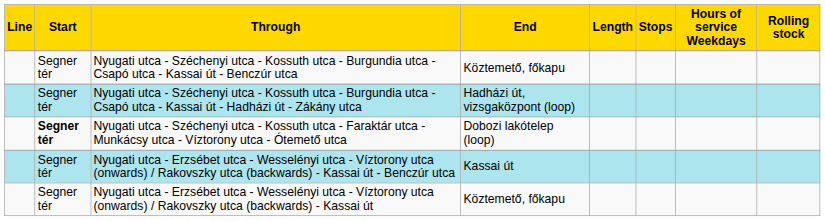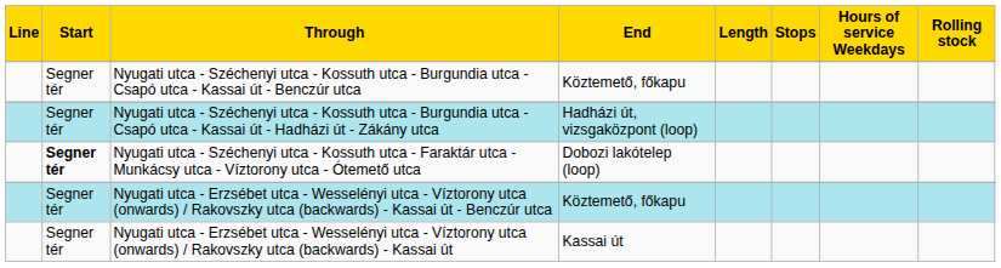 <table class="wikitable" style="vertical-align:top;"  width="85%">
 <tr ---->
 <th style="background-color:#FFD800;">Line</th>
 <th style="background-color:#FFD800;">Start</th>
 <th style="background-color:#FFD800;">Through</th>
 <th style="background-color:#FFD800;">End</th>
 <th style="background-color:#FFD800;">Length</th>
 <th style="background-color:#FFD800;">Stops</th>
 <th style="background-color:#FFD800;">Hours of service<br>Weekdays</th>
 <th style="background-color:#FFD800;">Rolling stock</th>
 </tr>
 <tr>
 </tr>
 <tr ---->
 <td></td>
 <td>Segner tér</td>
 <td>Nyugati utca - Széchenyi utca - Kossuth utca - Burgundia utca - Csapó utca - Kassai út - Benczúr utca</td>
 <td>Köztemető, főkapu</td>
 <td></td>
 <td></td>
 <td></td>
 <td></td>
 </tr>
 <tr>
 </tr>
 <tr ---- bgcolor="#ACE5EE">
 <td></td>
 <td>Segner tér</td>
 <td>Nyugati utca - Széchenyi utca - Kossuth utca - Burgundia utca - Csapó utca - Kassai út - Hadházi út - Zákány utca</td>
 <td>Hadházi út, vizsgaközpont (loop)</td>
 <td></td>
 <td></td>
 <td></td>
 <td></td>
 </tr>
 <tr>
 <td></td>
 <td><strong>Segner tér</strong></td>
 <td>Nyugati utca - Széchenyi utca - Kossuth utca - Faraktár utca - Munkácsy utca - Víztorony utca - Ótemető utca</td>
 <td>Dobozi lakótelep (loop)</td>
 <td></td>
 <td></td>
 <td></td>
 <td></td>
 </tr>
 <tr>
 </tr>
 <tr ---- bgcolor="#ACE5EE">
 <td></td>
 <td>Segner tér</td>
 <td>Nyugati utca - Erzsébet utca - Wesselényi utca -  Víztorony utca (onwards) / Rakovszky utca (backwards) - Kassai út - Benczúr utca</td>
-<td>Kassai út</td>
+<td>Köztemető, főkapu</td>
 <td></td>
 <td></td>
 <td></td>
 <td></td>
 </tr>
 <tr>
 <td></td>
 <td>Segner tér</td>
 <td>Nyugati utca - Erzsébet utca - Wesselényi utca -  Víztorony utca (onwards) / Rakovszky utca (backwards) - Kassai út</td>
-<td>Köztemető, főkapu</td>
+<td>Kassai út</td>
 <td></td>
 <td></td>
 <td></td>
 <td></td>
 </tr>
 </table>
